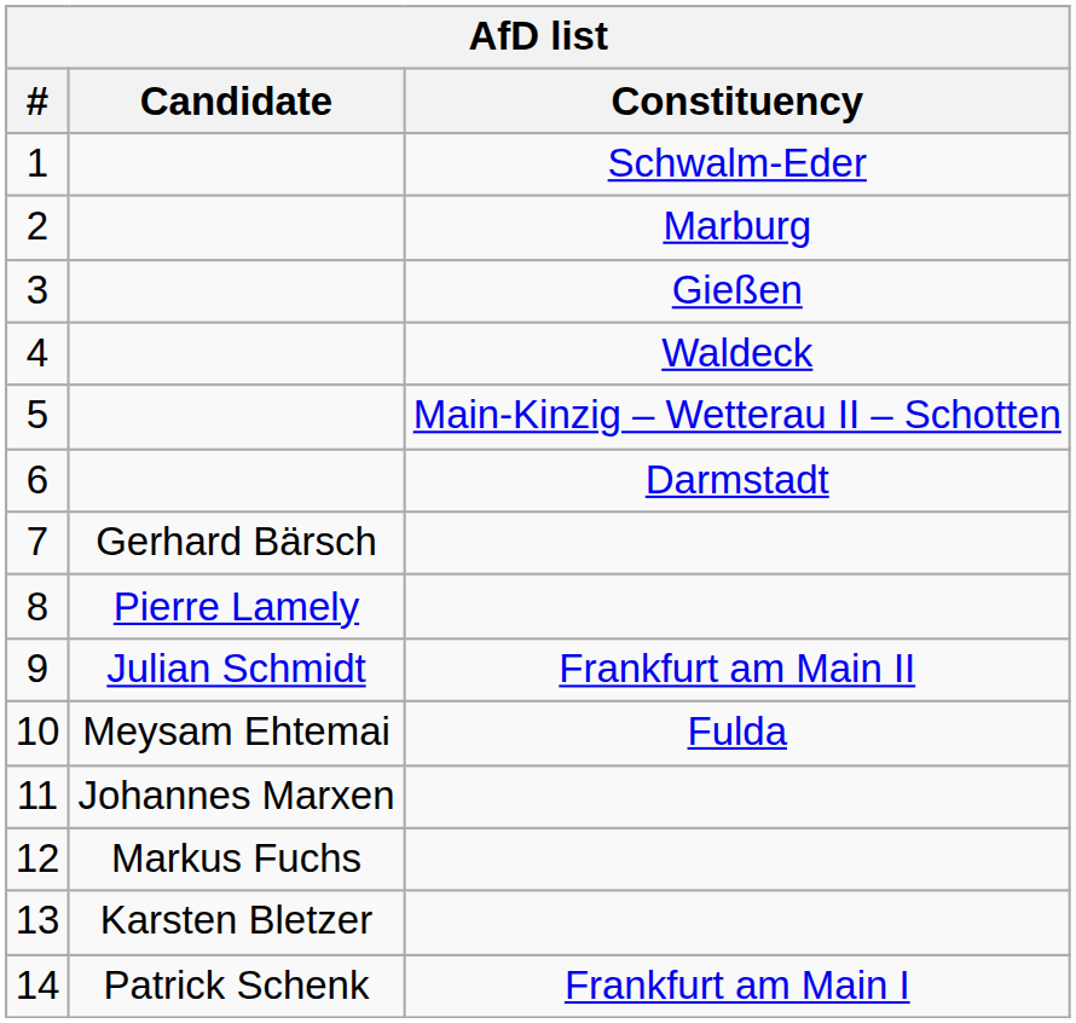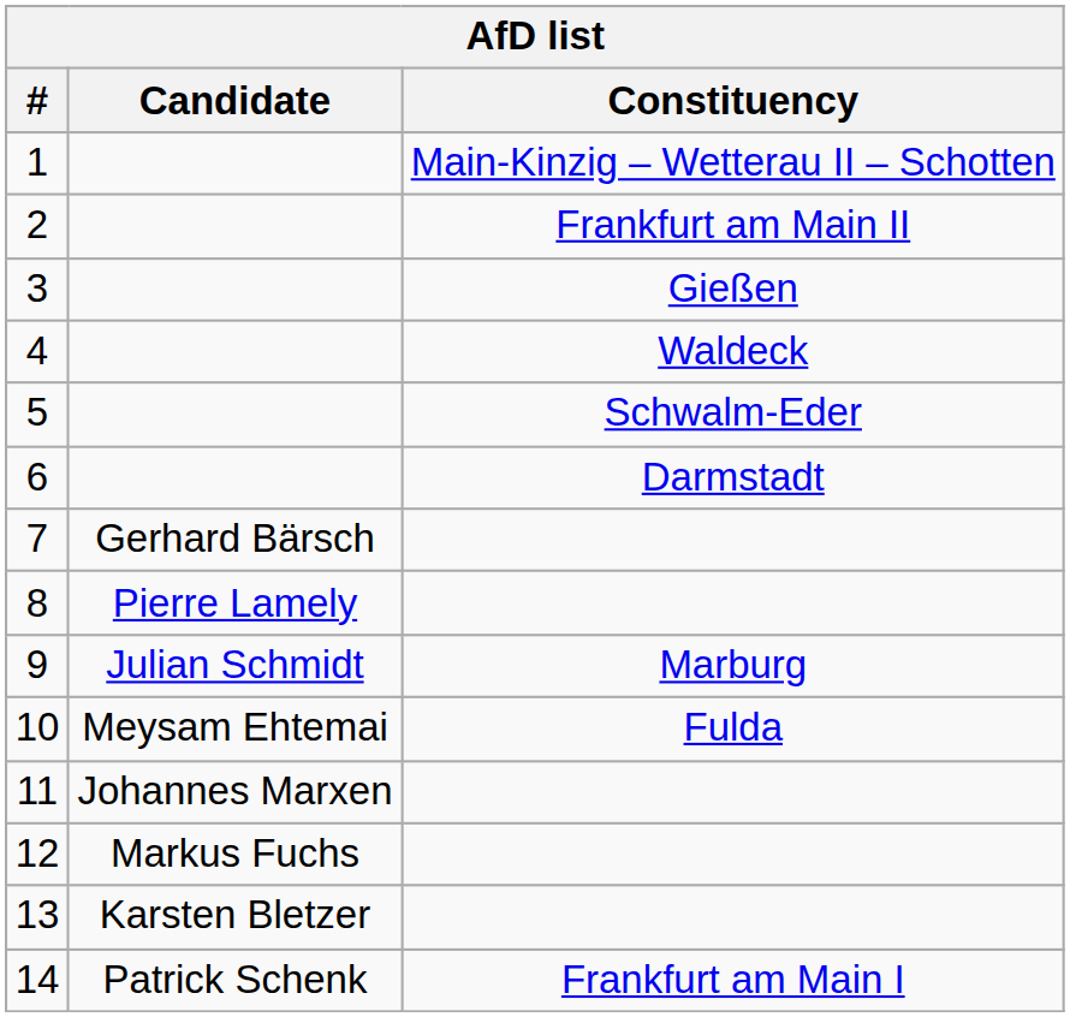 <table class="wikitable mw-collapsible mw-collapsed" style="text-align:center">
 <tr>
 <th colspan=3>AfD list</th>
 </tr>
 <tr>
 <th>#</th>
 <th>Candidate</th>
 <th>Constituency</th>
 </tr>
 <tr>
 <td>1</td>
 <td></td>
-<td><a href='#'>Schwalm-Eder</a></td>
+<td><a href='#'>Main-Kinzig – Wetterau II – Schotten</a></td>
 </tr>
 <tr>
 <td>2</td>
 <td></td>
-<td><a href='#'>Marburg</a></td>
+<td><a href='#'>Frankfurt am Main II</a></td>
 </tr>
 <tr>
 <td>3</td>
 <td></td>
 <td><a href='#'>Gießen</a></td>
 </tr>
 <tr>
 <td>4</td>
 <td></td>
 <td><a href='#'>Waldeck</a></td>
 </tr>
 <tr>
 <td>5</td>
 <td></td>
-<td><a href='#'>Main-Kinzig – Wetterau II – Schotten</a></td>
+<td><a href='#'>Schwalm-Eder</a></td>
 </tr>
 <tr>
 <td>6</td>
 <td></td>
 <td><a href='#'>Darmstadt</a></td>
 </tr>
 <tr>
 <td>7</td>
 <td>Gerhard Bärsch</td>
 <td></td>
 </tr>
 <tr>
 <td>8</td>
 <td><a href='#'>Pierre Lamely</a></td>
 <td></td>
 </tr>
 <tr>
 <td>9</td>
 <td><a href='#'>Julian Schmidt</a></td>
-<td><a href='#'>Frankfurt am Main II</a></td>
+<td><a href='#'>Marburg</a></td>
 </tr>
 <tr>
 <td>10</td>
 <td>Meysam Ehtemai</td>
 <td><a href='#'>Fulda</a></td>
 </tr>
 <tr>
 <td>11</td>
 <td>Johannes Marxen</td>
 <td></td>
 </tr>
 <tr>
 <td>12</td>
 <td>Markus Fuchs</td>
 <td></td>
 </tr>
 <tr>
 <td>13</td>
 <td>Karsten Bletzer</td>
 <td></td>
 </tr>
 <tr>
 <td>14</td>
 <td>Patrick Schenk</td>
 <td><a href='#'>Frankfurt am Main I</a></td>
 </tr>
 </table>
